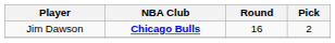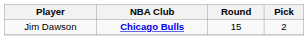 <table class="wikitable" width="500">
 <tr>
 <th>Player</th>
 <th>NBA Club</th>
 <th>Round</th>
 <th>Pick</th>
 </tr>
 <tr align="center" bgcolor="">
 <td>Jim Dawson</td>
 <td><strong><a href='#'>Chicago Bulls</a></strong></td>
-<td>16</td>
+<td>15</td>
 <td>2</td>
 </tr>
 <tr align="center" bgcolor="">
 </tr>
 </table>
